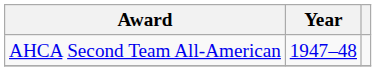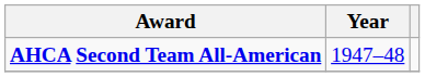 <table class="wikitable">
 <tr>
 <th>Award</th>
 <th>Year</th>
 <th></th>
 </tr>
 <tr>
-<td><a href='#'>AHCA</a> <a href='#'>Second Team All-American</a></td>
+<td><strong><a href='#'>AHCA</a> <a href='#'>Second Team All-American</a></strong></td>
 <td><a href='#'>1947–48</a></td>
 <td></td>
 </tr>
 <tr>
 </tr>
 </table>
